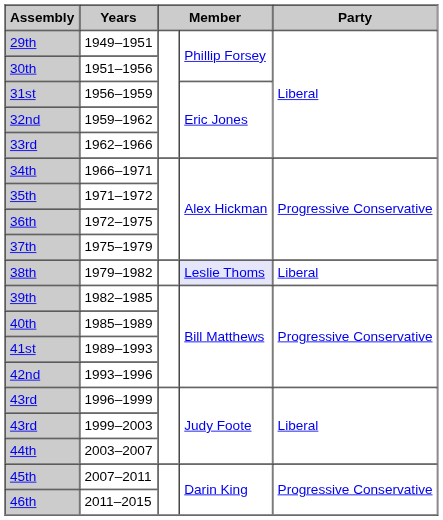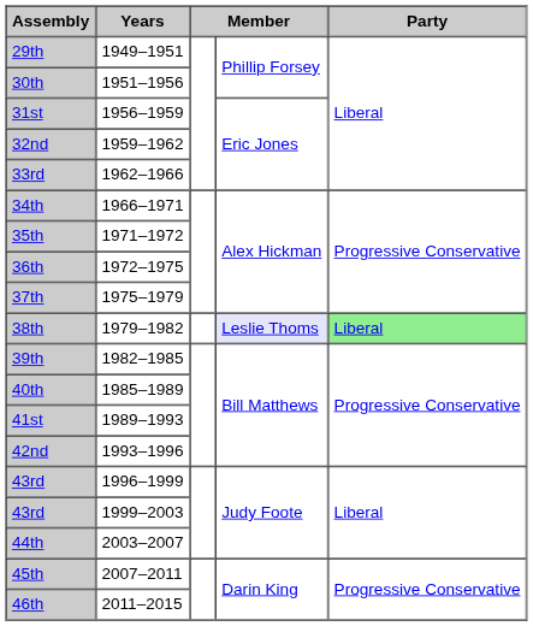 <table border=1 cellpadding=5 cellspacing=0>
 <tr bgcolor="CCCCCC">
 <th>Assembly</th>
 <th>Years</th>
 <th colspan="2">Member</th>
 <th>Party</th>
 </tr>
 <tr>
 <td bgcolor="CCCCCC"><a href='#'>29th</a></td>
 <td>1949–1951</td>
 <td rowspan=5 >   </td>
 <td rowspan=2><a href='#'>Phillip Forsey</a></td>
 <td rowspan=5><a href='#'>Liberal</a></td>
 </tr>
 <tr>
 <td bgcolor="CCCCCC"><a href='#'>30th</a></td>
 <td>1951–1956</td>
 </tr>
 <tr>
 <td bgcolor="CCCCCC"><a href='#'>31st</a></td>
 <td>1956–1959</td>
 <td rowspan=3><a href='#'>Eric Jones</a></td>
 </tr>
 <tr>
 <td bgcolor="CCCCCC"><a href='#'>32nd</a></td>
 <td>1959–1962</td>
 </tr>
 <tr>
 <td bgcolor="CCCCCC"><a href='#'>33rd</a></td>
 <td>1962–1966</td>
 </tr>
 <tr>
 <td bgcolor="CCCCCC"><a href='#'>34th</a></td>
 <td>1966–1971</td>
 <td rowspan=4 >   </td>
 <td rowspan=4><a href='#'>Alex Hickman</a></td>
 <td rowspan=4><a href='#'>Progressive Conservative</a></td>
 </tr>
 <tr>
 <td bgcolor="CCCCCC"><a href='#'>35th</a></td>
 <td>1971–1972</td>
 </tr>
 <tr>
 <td bgcolor="CCCCCC"><a href='#'>36th</a></td>
 <td>1972–1975</td>
 </tr>
 <tr>
 <td bgcolor="CCCCCC"><a href='#'>37th</a></td>
 <td>1975–1979</td>
 </tr>
 <tr>
 <td bgcolor="CCCCCC"><a href='#'>38th</a></td>
 <td>1979–1982</td>
 <td rowspan=1 >   </td>
 <td rowspan=1 style="background: lavender;"><a href='#'>Leslie Thoms</a></td>
-<td rowspan=1><a href='#'>Liberal</a></td>
+<td rowspan=1 style="background: lightgreen;"><a href='#'>Liberal</a></td>
 </tr>
 <tr>
 <td bgcolor="CCCCCC"><a href='#'>39th</a></td>
 <td>1982–1985</td>
 <td rowspan=4 >   </td>
 <td rowspan=4><a href='#'>Bill Matthews</a></td>
 <td rowspan=4><a href='#'>Progressive Conservative</a></td>
 </tr>
 <tr>
 <td bgcolor="CCCCCC"><a href='#'>40th</a></td>
 <td>1985–1989</td>
 </tr>
 <tr>
 <td bgcolor="CCCCCC"><a href='#'>41st</a></td>
 <td>1989–1993</td>
 </tr>
 <tr>
 <td bgcolor="CCCCCC"><a href='#'>42nd</a></td>
 <td>1993–1996</td>
 </tr>
 <tr>
 <td bgcolor="CCCCCC"><a href='#'>43rd</a></td>
 <td>1996–1999</td>
 <td rowspan=3 >   </td>
 <td rowspan=3><a href='#'>Judy Foote</a></td>
 <td rowspan=3><a href='#'>Liberal</a></td>
 </tr>
 <tr>
 <td bgcolor="CCCCCC"><a href='#'>43rd</a></td>
 <td>1999–2003</td>
 </tr>
 <tr>
 <td bgcolor="CCCCCC"><a href='#'>44th</a></td>
 <td>2003–2007</td>
 </tr>
 <tr>
 <td bgcolor="CCCCCC"><a href='#'>45th</a></td>
 <td>2007–2011</td>
 <td rowspan=2 >   </td>
 <td rowspan=2><a href='#'>Darin King</a></td>
 <td rowspan=2><a href='#'>Progressive Conservative</a></td>
 </tr>
 <tr>
 <td bgcolor="CCCCCC"><a href='#'>46th</a></td>
 <td>2011–2015</td>
 </tr>
 <tr>
 </tr>
 </table>
